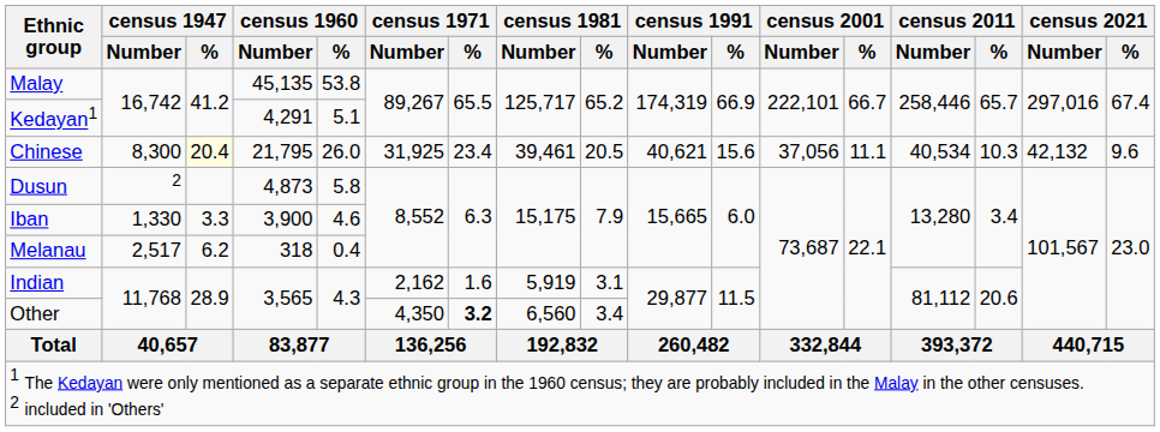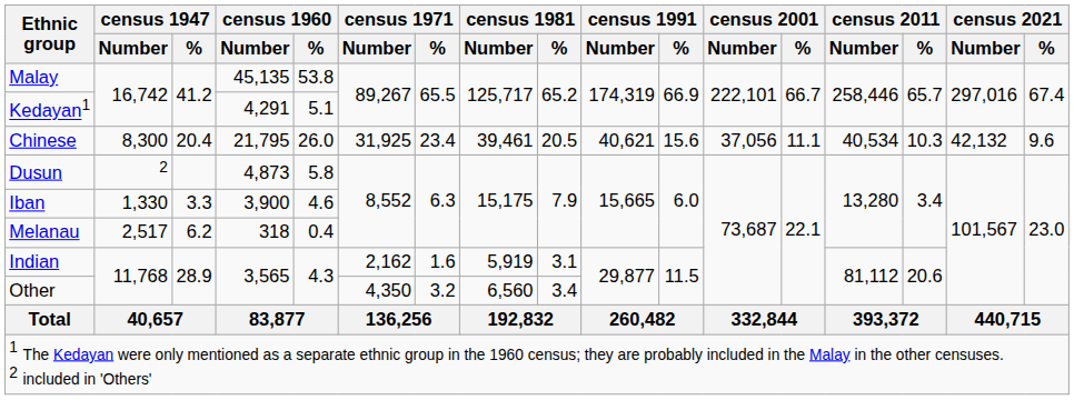 <table class="wikitable">
 <tr bgcolor="#e0e0e0">
 <th rowspan="2">Ethnic<br>group</th>
 <th colspan="2">census 1947</th>
 <th colspan="2">census 1960</th>
 <th colspan="2">census 1971</th>
 <th colspan="2">census 1981</th>
 <th colspan="2">census 1991</th>
 <th colspan="2">census 2001</th>
 <th colspan="2">census 2011</th>
 <th colspan="2">census 2021</th>
 </tr>
 <tr bgcolor="#e0e0e0">
 <th>Number</th>
 <th>%</th>
 <th>Number</th>
 <th>%</th>
 <th>Number</th>
 <th>%</th>
 <th>Number</th>
 <th>%</th>
 <th>Number</th>
 <th>%</th>
 <th>Number</th>
 <th>%</th>
 <th>Number</th>
 <th>%</th>
 <th>Number</th>
 <th>%</th>
 </tr>
 <tr>
 <td><a href='#'>Malay</a></td>
 <td align="right" rowspan="2">16,742</td>
 <td align="right" rowspan="2">41.2</td>
 <td align="right">45,135</td>
 <td align="right">53.8</td>
 <td align="right" rowspan="2">89,267</td>
 <td align="right" rowspan="2">65.5</td>
 <td align="right" rowspan="2">125,717</td>
 <td align="right" rowspan="2">65.2</td>
 <td align="right" rowspan="2">174,319</td>
 <td align="right" rowspan="2">66.9</td>
 <td align="right" rowspan="2">222,101</td>
 <td align="right" rowspan="2">66.7</td>
 <td align="right" rowspan="2">258,446</td>
 <td align="right" rowspan="2">65.7</td>
 <td rowspan="2">297,016</td>
 <td rowspan="2">67.4</td>
 </tr>
 <tr>
 <td><a href='#'>Kedayan</a><sup>1</sup></td>
 <td align="right">4,291</td>
 <td align="right">5.1</td>
 </tr>
 <tr>
 <td><a href='#'>Chinese</a></td>
 <td align="right">8,300</td>
-<td align="right" style="background: lightyellow;">20.4</td>
+<td align="right">20.4</td>
 <td align="right">21,795</td>
 <td align="right">26.0</td>
 <td align="right">31,925</td>
 <td align="right">23.4</td>
 <td align="right">39,461</td>
 <td align="right">20.5</td>
 <td align="right">40,621</td>
 <td align="right">15.6</td>
 <td align="right">37,056</td>
 <td align="right">11.1</td>
 <td align="right">40,534</td>
 <td align="right">10.3</td>
 <td>42,132</td>
 <td>9.6</td>
 </tr>
 <tr>
 <td><a href='#'>Dusun</a></td>
 <td align="right"><sup>2</sup></td>
 <td align="right"></td>
 <td align="right">4,873</td>
 <td align="right">5.8</td>
 <td align="right" rowspan="3">8,552</td>
 <td align="right" rowspan="3">6.3</td>
 <td align="right" rowspan="3">15,175</td>
 <td align="right" rowspan="3">7.9</td>
 <td align="right" rowspan="3">15,665</td>
 <td align="right" rowspan="3">6.0</td>
 <td rowspan="5" align="right">73,687</td>
 <td rowspan="5" align="right">22.1</td>
 <td align="right" rowspan="3">13,280</td>
 <td align="right" rowspan="3">3.4</td>
 <td rowspan="5">101,567</td>
 <td rowspan="5">23.0</td>
 </tr>
 <tr>
 <td><a href='#'>Iban</a></td>
 <td align="right">1,330</td>
 <td align="right">3.3</td>
 <td align="right">3,900</td>
 <td align="right">4.6</td>
 </tr>
 <tr>
 <td><a href='#'>Melanau</a></td>
 <td align="right">2,517</td>
 <td align="right">6.2</td>
 <td align="right">318</td>
 <td align="right">0.4</td>
 </tr>
 <tr>
 <td><a href='#'>Indian</a></td>
 <td align="right" rowspan="2">11,768</td>
 <td align="right" rowspan="2">28.9</td>
 <td align="right" rowspan="2">3,565</td>
 <td align="right" rowspan="2">4.3</td>
 <td align="right">2,162</td>
 <td align="right">1.6</td>
 <td align="right">5,919</td>
 <td align="right">3.1</td>
 <td align="right" rowspan="2">29,877</td>
 <td align="right" rowspan="2">11.5</td>
 <td align="right" rowspan="2">81,112</td>
 <td align="right" rowspan="2">20.6</td>
 </tr>
 <tr>
 <td>Other</td>
 <td align="right">4,350</td>
-<td align="right"><strong>3.2</strong></td>
+<td align="right">3.2</td>
 <td align="right">6,560</td>
 <td align="right">3.4</td>
 </tr>
 <tr bgcolor="#e0e0e0">
 <th align="left">Total</th>
 <th colspan="2">40,657</th>
 <th colspan="2">83,877</th>
 <th colspan="2">136,256</th>
 <th colspan="2">192,832</th>
 <th colspan="2">260,482</th>
 <th colspan="2">332,844</th>
 <th colspan="2">393,372</th>
 <th colspan="2">440,715</th>
 </tr>
 <tr>
 <td colspan="17"><sup>1</sup> <small>The <a href='#'>Kedayan</a> were only mentioned as a separate ethnic group in the 1960 census; they are probably included in the <a href='#'>Malay</a> in the other censuses.</small> <br><sup>2</sup> <small>included in 'Others'</small></td>
 </tr>
 </table>
